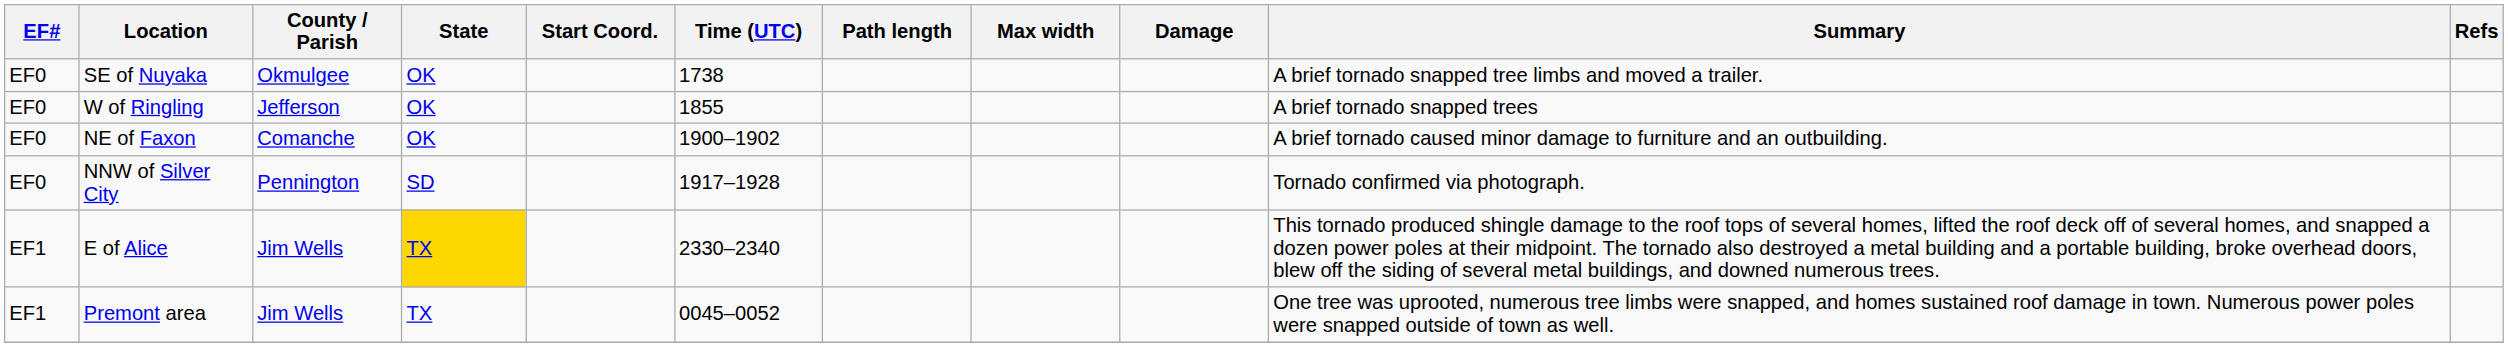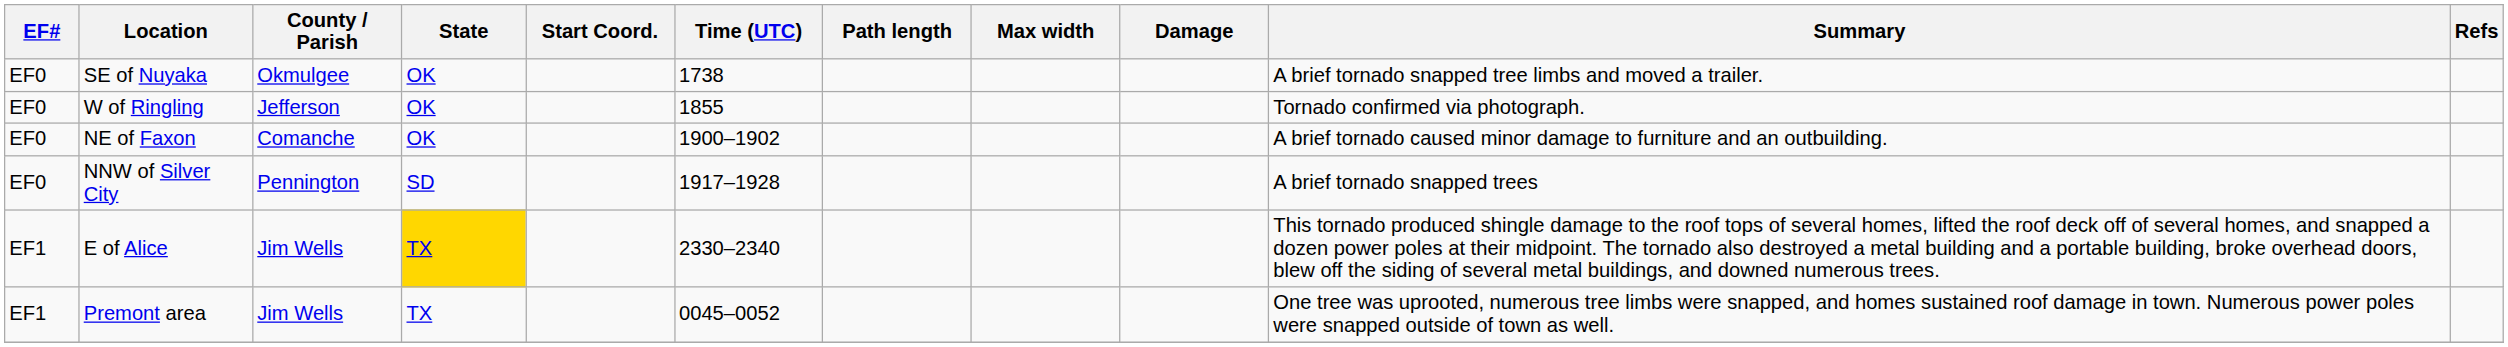 <table class="wikitable sortable" style="width:100%;">
 <tr>
 <th scope="col" width="3%" align="center"><a href='#'>EF#</a></th>
 <th scope="col" width="7%" align="center" class="unsortable">Location</th>
 <th scope="col" width="6%" align="center" class="unsortable">County / Parish</th>
 <th scope="col" width="5%" align="center">State</th>
 <th scope="col" width="6%" class="unsortable" align="center">Start Coord.</th>
 <th scope="col" width="6%" align="center">Time (<a href='#'>UTC</a>)</th>
 <th scope="col" width="6%" align="center">Path length</th>
 <th scope="col" width="6%" align="center">Max width</th>
 <th scope="col" width="6%" align="center">Damage</th>
 <th scope="col" width="48%" class="unsortable" align="center">Summary</th>
 <th scope="col" width="48%" class="unsortable" align="center">Refs</th>
 </tr>
 <tr>
 <td>EF0</td>
 <td>SE of <a href='#'>Nuyaka</a></td>
 <td><a href='#'>Okmulgee</a></td>
 <td><a href='#'>OK</a></td>
 <td></td>
 <td>1738</td>
 <td></td>
 <td></td>
 <td></td>
 <td>A brief tornado snapped tree limbs and moved a trailer.</td>
 <td></td>
 </tr>
 <tr>
 <td>EF0</td>
 <td>W of <a href='#'>Ringling</a></td>
 <td><a href='#'>Jefferson</a></td>
 <td><a href='#'>OK</a></td>
 <td></td>
 <td>1855</td>
 <td></td>
 <td></td>
 <td></td>
-<td>A brief tornado snapped trees</td>
+<td>Tornado confirmed via photograph.</td>
 <td></td>
 </tr>
 <tr>
 <td>EF0</td>
 <td>NE of <a href='#'>Faxon</a></td>
 <td><a href='#'>Comanche</a></td>
 <td><a href='#'>OK</a></td>
 <td></td>
 <td>1900–1902</td>
 <td></td>
 <td></td>
 <td></td>
 <td>A brief tornado caused minor damage to furniture and an outbuilding.</td>
 <td></td>
 </tr>
 <tr>
 <td>EF0</td>
 <td>NNW of <a href='#'>Silver City</a></td>
 <td><a href='#'>Pennington</a></td>
 <td><a href='#'>SD</a></td>
 <td></td>
 <td>1917–1928</td>
 <td></td>
 <td></td>
 <td></td>
-<td>Tornado confirmed via photograph.</td>
+<td>A brief tornado snapped trees</td>
 <td></td>
 </tr>
 <tr>
 <td>EF1</td>
 <td>E of <a href='#'>Alice</a></td>
 <td><a href='#'>Jim Wells</a></td>
 <td style="background: gold;"><a href='#'>TX</a></td>
 <td></td>
 <td>2330–2340</td>
 <td></td>
 <td></td>
 <td></td>
 <td>This tornado produced shingle damage to the roof tops of several homes, lifted the roof deck off of several homes, and snapped a dozen power poles at their midpoint. The tornado also destroyed a metal building and a portable building, broke overhead doors, blew off the siding of several metal buildings, and downed numerous trees.</td>
 <td></td>
 </tr>
 <tr>
 <td>EF1</td>
 <td><a href='#'>Premont</a> area</td>
 <td><a href='#'>Jim Wells</a></td>
 <td><a href='#'>TX</a></td>
 <td></td>
 <td>0045–0052</td>
 <td></td>
 <td></td>
 <td></td>
 <td>One tree was uprooted, numerous tree limbs were snapped, and homes sustained roof damage in town. Numerous power poles were snapped outside of town as well.</td>
 <td></td>
 </tr>
 <tr>
 </tr>
 </table>
